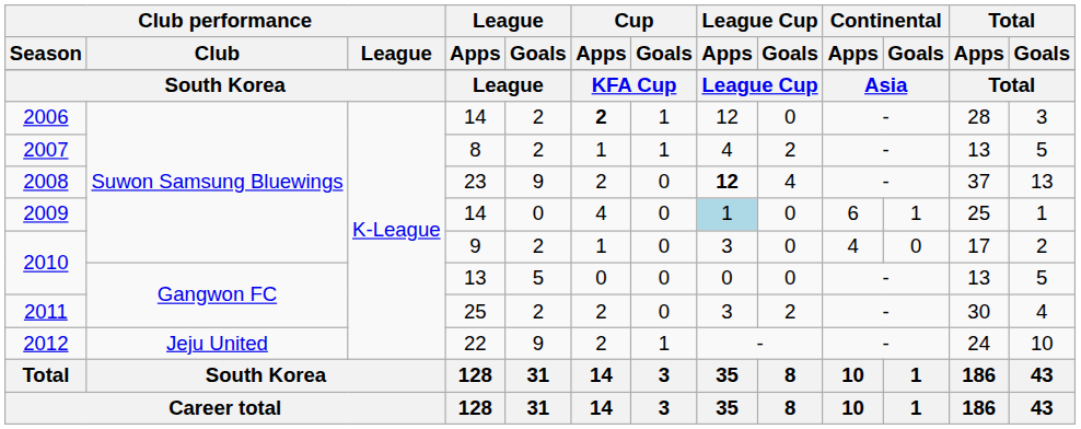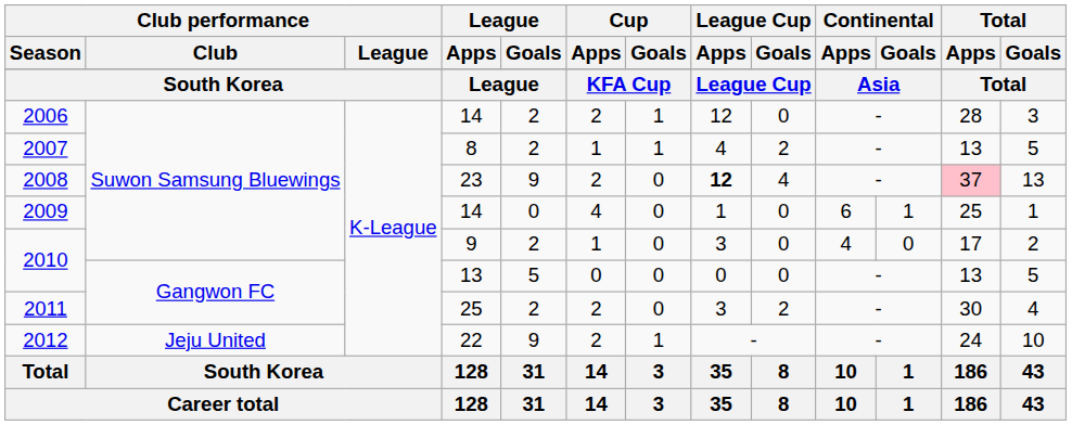 <table class="wikitable" style="text-align:center">
 <tr>
 <th colspan=3>Club performance</th>
 <th colspan=2>League</th>
 <th colspan=2>Cup</th>
 <th colspan=2>League Cup</th>
 <th colspan=2>Continental</th>
 <th colspan=2>Total</th>
 </tr>
 <tr>
 <th>Season</th>
 <th>Club</th>
 <th>League</th>
 <th>Apps</th>
 <th>Goals</th>
 <th>Apps</th>
 <th>Goals</th>
 <th>Apps</th>
 <th>Goals</th>
 <th>Apps</th>
 <th>Goals</th>
 <th>Apps</th>
 <th>Goals</th>
 </tr>
 <tr>
 </tr>
 <tr>
 <th colspan=3>South Korea</th>
 <th colspan=2>League</th>
 <th colspan=2><a href='#'>KFA Cup</a></th>
 <th colspan=2><a href='#'>League Cup</a></th>
 <th colspan=2><a href='#'>Asia</a></th>
 <th colspan=2>Total</th>
 </tr>
 <tr>
 <td><a href='#'>2006</a></td>
 <td rowspan="5"><a href='#'>Suwon Samsung Bluewings</a></td>
 <td rowspan="8"><a href='#'>K-League</a></td>
 <td>14</td>
 <td>2</td>
-<td><strong>2</strong></td>
+<td>2</td>
 <td>1</td>
 <td>12</td>
 <td>0</td>
 <td colspan="2">-</td>
 <td>28</td>
 <td>3</td>
 </tr>
 <tr>
 <td><a href='#'>2007</a></td>
 <td>8</td>
 <td>2</td>
 <td>1</td>
 <td>1</td>
 <td>4</td>
 <td>2</td>
 <td colspan="2">-</td>
 <td>13</td>
 <td>5</td>
 </tr>
 <tr>
 <td><a href='#'>2008</a></td>
 <td>23</td>
 <td>9</td>
 <td>2</td>
 <td>0</td>
 <td><strong>12</strong></td>
 <td>4</td>
 <td colspan="2">-</td>
-<td>37</td>
+<td style="background: pink;">37</td>
 <td>13</td>
 </tr>
 <tr>
 <td><a href='#'>2009</a></td>
 <td>14</td>
 <td>0</td>
 <td>4</td>
 <td>0</td>
-<td style="background: lightblue;">1</td>
+<td>1</td>
 <td>0</td>
 <td>6</td>
 <td>1</td>
 <td>25</td>
 <td>1</td>
 </tr>
 <tr>
 <td rowspan=2><a href='#'>2010</a></td>
 <td>9</td>
 <td>2</td>
 <td>1</td>
 <td>0</td>
 <td>3</td>
 <td>0</td>
 <td>4</td>
 <td>0</td>
 <td>17</td>
 <td>2</td>
 </tr>
 <tr>
 <td rowspan=2><a href='#'>Gangwon FC</a></td>
 <td>13</td>
 <td>5</td>
 <td>0</td>
 <td>0</td>
 <td>0</td>
 <td>0</td>
 <td colspan=2>-</td>
 <td>13</td>
 <td>5</td>
 </tr>
 <tr>
 <td><a href='#'>2011</a></td>
 <td>25</td>
 <td>2</td>
 <td>2</td>
 <td>0</td>
 <td>3</td>
 <td>2</td>
 <td colspan=2>-</td>
 <td>30</td>
 <td>4</td>
 </tr>
 <tr>
 <td><a href='#'>2012</a></td>
 <td><a href='#'>Jeju United</a></td>
 <td>22</td>
 <td>9</td>
 <td>2</td>
 <td>1</td>
 <td colspan=2>-</td>
 <td colspan=2>-</td>
 <td>24</td>
 <td>10</td>
 </tr>
 <tr>
 <th rowspan=1>Total</th>
 <th colspan=2>South Korea</th>
 <th>128</th>
 <th>31</th>
 <th>14</th>
 <th>3</th>
 <th>35</th>
 <th>8</th>
 <th>10</th>
 <th>1</th>
 <th>186</th>
 <th>43</th>
 </tr>
 <tr>
 <th colspan=3>Career total</th>
 <th>128</th>
 <th>31</th>
 <th>14</th>
 <th>3</th>
 <th>35</th>
 <th>8</th>
 <th>10</th>
 <th>1</th>
 <th>186</th>
 <th>43</th>
 </tr>
 </table>
